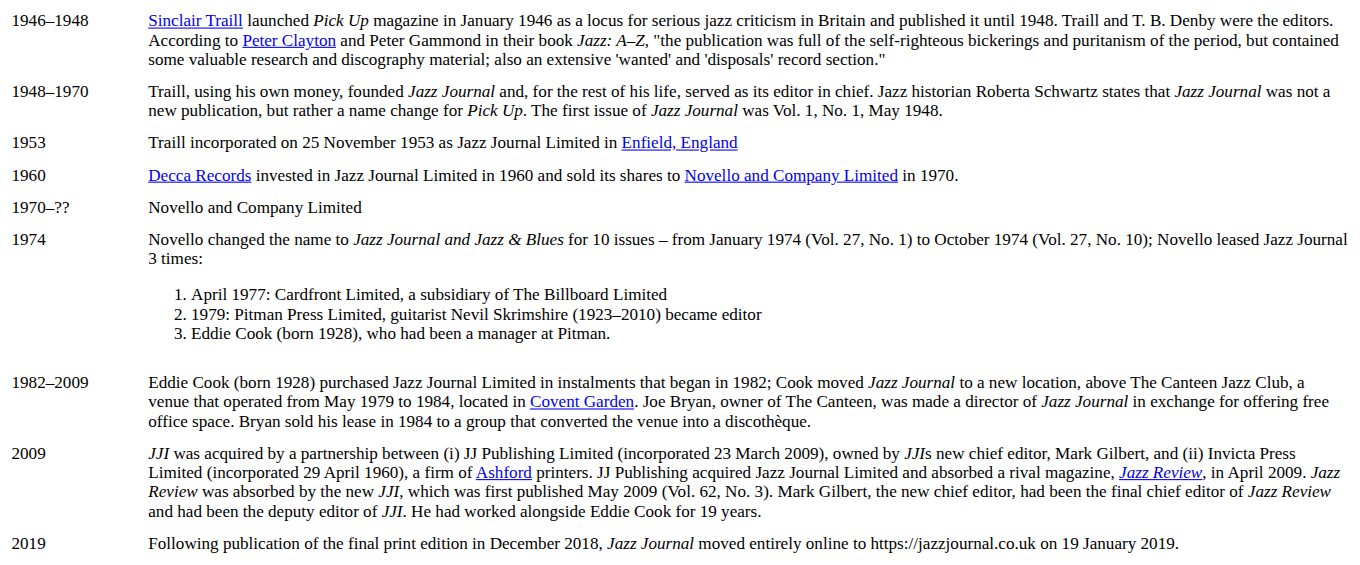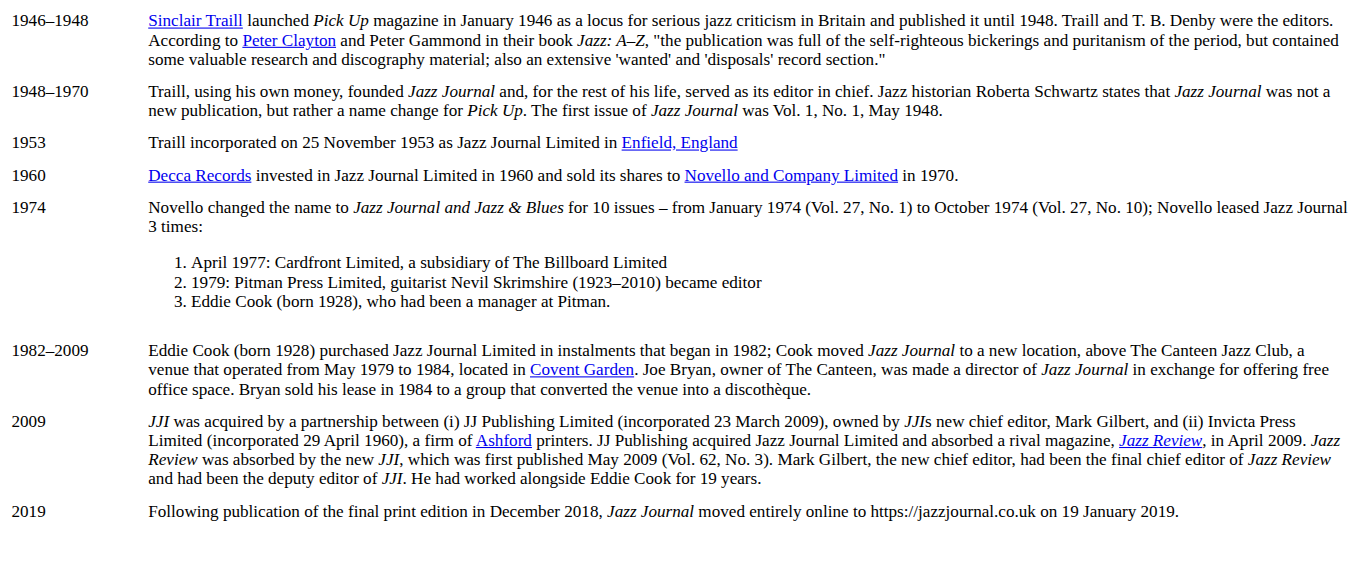 <table border="0" cellpadding="5" style="color: black; background-color: #FFFFFF;">
 <tr valign="top">
 <td width="10%">1946–1948</td>
 <td width="90%"><a href='#'>Sinclair Traill</a> launched <em>Pick Up</em> magazine in January 1946 as a locus for serious jazz criticism in Britain and published it until 1948.  Traill and T. B. Denby were the editors.  According to <a href='#'>Peter Clayton</a> and Peter Gammond in their book <em>Jazz: A–Z</em>, "the publication was full of the self-righteous bickerings and puritanism of the period, but contained some valuable research and discography material; also an extensive 'wanted' and 'disposals' record section."</td>
 </tr>
 <tr valign="top">
 <td width="10%">1948–1970</td>
 <td width="90%">Traill, using his own money, founded <em>Jazz Journal</em> and, for the rest of his life, served as its editor in chief. Jazz historian Roberta Schwartz states that <em>Jazz Journal</em> was not a new publication, but rather a name change for <em>Pick Up</em>.  The first issue of <em>Jazz Journal</em> was Vol. 1, No. 1, May 1948.</td>
 </tr>
 <tr valign="top">
 <td width="10%">1953</td>
 <td width="90%">Traill incorporated on 25 November 1953 as Jazz Journal Limited in <a href='#'>Enfield, England</a></td>
 </tr>
 <tr valign="top">
 <td>1960</td>
 <td><a href='#'>Decca Records</a> invested in Jazz Journal Limited in 1960 and sold its shares to <a href='#'>Novello and Company Limited</a> in 1970.</td>
 </tr>
 <tr valign="top">
-<td>1970–??</td>
-<td>Novello and Company Limited</td>
-</tr>
-<tr valign="top">
 <td>1974</td>
 <td>Novello changed the name to <em>Jazz Journal and Jazz & Blues</em> for 10 issues – from January 1974 (Vol. 27, No. 1) to October 1974 (Vol. 27, No. 10); Novello leased Jazz Journal 3 times:<br><ol><li>April 1977: Cardfront Limited, a subsidiary of The Billboard Limited</li><li>1979: Pitman Press Limited, guitarist Nevil Skrimshire (1923–2010) became editor</li><li>Eddie Cook (born 1928), who had been a manager at Pitman.</li></ol></td>
 </tr>
 <tr valign="top">
 <td width="10%">1982–2009</td>
 <td width="90%">Eddie Cook (born 1928) purchased Jazz Journal Limited in instalments that began in 1982; Cook moved <em>Jazz Journal</em> to a new location, above The Canteen Jazz Club, a venue that operated from May 1979 to 1984, located in <a href='#'>Covent Garden</a>. Joe Bryan, owner of The Canteen, was made a director of <em>Jazz Journal</em> in exchange for offering free office space. Bryan sold his lease in 1984 to a group that converted the venue into a discothèque.</td>
 </tr>
 <tr valign="top">
 <td width="10%">2009</td>
 <td width="90%"><em>JJI</em> was acquired by a partnership between (i) JJ Publishing Limited (incorporated 23 March 2009), owned by <em>JJI</em>s new chief editor, Mark Gilbert, and (ii) Invicta Press Limited (incorporated 29 April 1960), a firm of <a href='#'>Ashford</a> printers. JJ Publishing acquired Jazz Journal Limited and absorbed a rival magazine, <em><a href='#'>Jazz Review</a></em>, in April 2009. <em>Jazz Review</em> was absorbed by the new <em>JJI</em>, which was first published May 2009 (Vol. 62, No. 3). Mark Gilbert, the new chief editor, had been the final chief editor of <em>Jazz Review</em> and had been the deputy editor of <em>JJI</em>. He had worked alongside Eddie Cook for 19 years.</td>
 </tr>
 <tr>
 <td>2019</td>
 <td>Following publication of the final print edition in December 2018, <em>Jazz Journal</em> moved entirely online to https://jazzjournal.co.uk on 19 January 2019.</td>
 </tr>
 </table>
